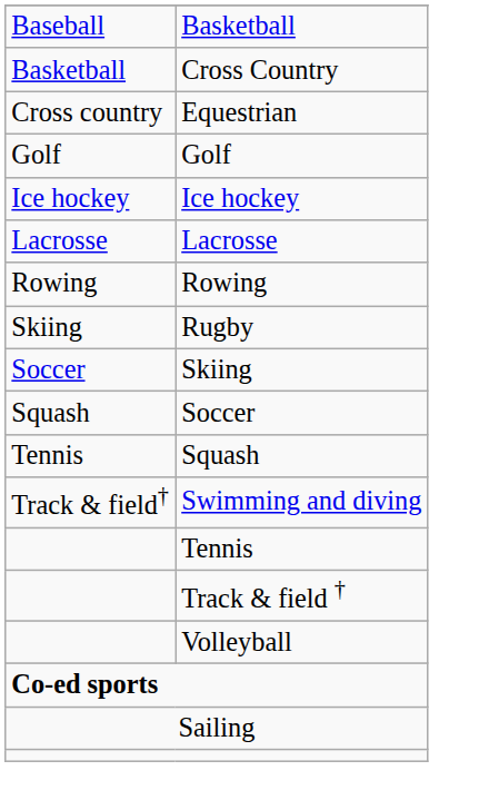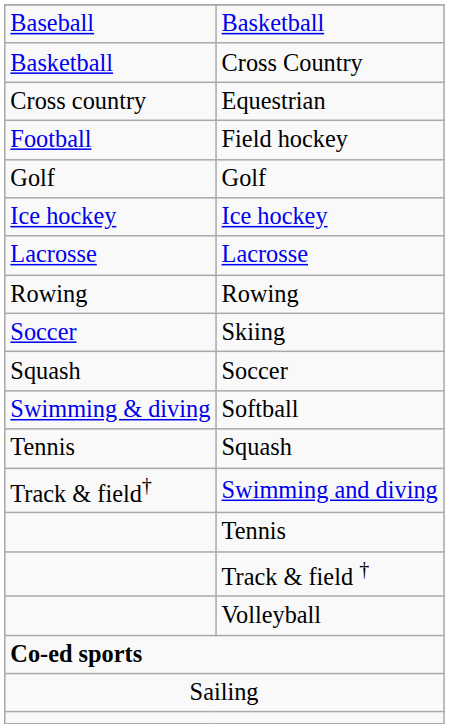 <table class="wikitable" style=" ">
 <tr>
 </tr>
 <tr>
 <td><a href='#'>Baseball</a></td>
 <td><a href='#'>Basketball</a></td>
 </tr>
 <tr>
 <td><a href='#'>Basketball</a></td>
 <td>Cross Country</td>
 </tr>
 <tr>
 <td>Cross country</td>
 <td>Equestrian</td>
+</tr>
+<tr>
+<td><a href='#'>Football</a></td>
+<td>Field hockey</td>
 </tr>
 <tr>
 <td>Golf</td>
 <td>Golf</td>
 </tr>
 <tr>
 <td><a href='#'>Ice hockey</a></td>
 <td><a href='#'>Ice hockey</a></td>
 </tr>
 <tr>
 <td><a href='#'>Lacrosse</a></td>
 <td><a href='#'>Lacrosse</a></td>
 </tr>
 <tr>
 <td>Rowing</td>
 <td>Rowing</td>
 </tr>
 <tr>
-<td>Skiing</td>
-<td>Rugby</td>
-</tr>
-<tr>
 <td><a href='#'>Soccer</a></td>
 <td>Skiing</td>
 </tr>
 <tr>
 <td>Squash</td>
 <td>Soccer</td>
+</tr>
+<tr>
+<td><a href='#'>Swimming & diving</a></td>
+<td>Softball</td>
 </tr>
 <tr>
 <td>Tennis</td>
 <td>Squash</td>
 </tr>
 <tr>
 <td>Track & field<sup>†</sup></td>
 <td><a href='#'>Swimming and diving</a></td>
 </tr>
 <tr>
 <td></td>
 <td>Tennis</td>
 </tr>
 <tr>
 <td></td>
 <td>Track & field <sup>†</sup></td>
 </tr>
 <tr>
 <td></td>
 <td>Volleyball</td>
 </tr>
 <tr>
 <td colspan="2"><strong>Co-ed sports</strong></td>
 </tr>
 <tr style="text-align:center">
 <td colspan="2">Sailing</td>
 </tr>
 <tr>
 <td colspan="2"></td>
 </tr>
 </table>
